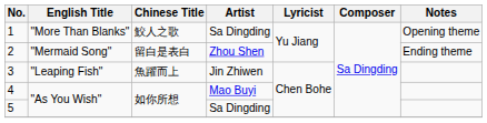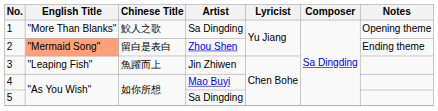 <table class="wikitable">
 <tr>
 <th>No.</th>
 <th>English Title</th>
 <th>Chinese Title</th>
 <th>Artist</th>
 <th>Lyricist</th>
 <th>Composer</th>
 <th>Notes</th>
 </tr>
 <tr>
 <td>1</td>
 <td>"More Than Blanks"</td>
 <td>鮫人之歌</td>
 <td>Sa Dingding</td>
 <td rowspan="2">Yu Jiang</td>
 <td rowspan="5"><a href='#'>Sa Dingding</a></td>
 <td>Opening theme</td>
 </tr>
 <tr>
 <td>2</td>
-<td>"Mermaid Song"</td>
+<td style="background: lightsalmon;">"Mermaid Song"</td>
 <td>留白是表白</td>
 <td><a href='#'>Zhou Shen</a></td>
 <td>Ending theme</td>
 </tr>
 <tr>
 <td>3</td>
 <td>"Leaping Fish"</td>
 <td>魚躍而上</td>
 <td>Jin Zhiwen</td>
 <td rowspan="3">Chen Bohe</td>
 <td></td>
 </tr>
 <tr>
 <td>4</td>
 <td rowspan="2">"As You Wish"</td>
 <td rowspan="2">如你所想</td>
 <td><a href='#'>Mao Buyi</a></td>
 <td></td>
 </tr>
 <tr>
 <td>5</td>
 <td>Sa Dingding</td>
 <td></td>
 </tr>
 <tr>
 </tr>
 </table>
